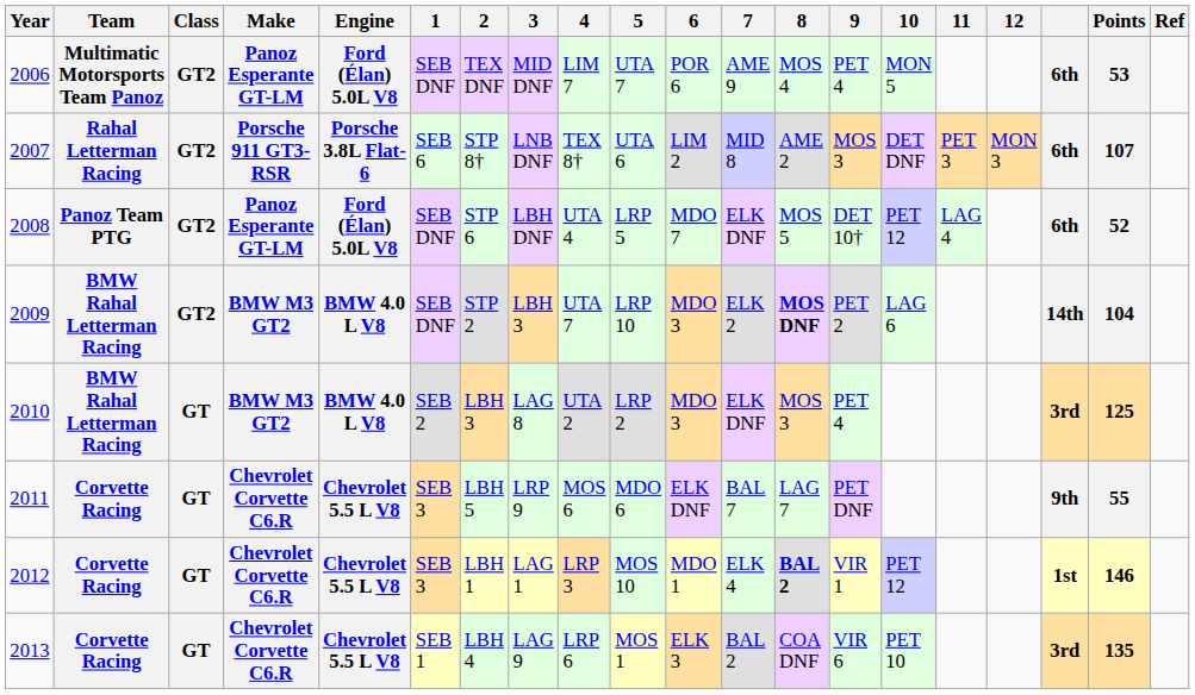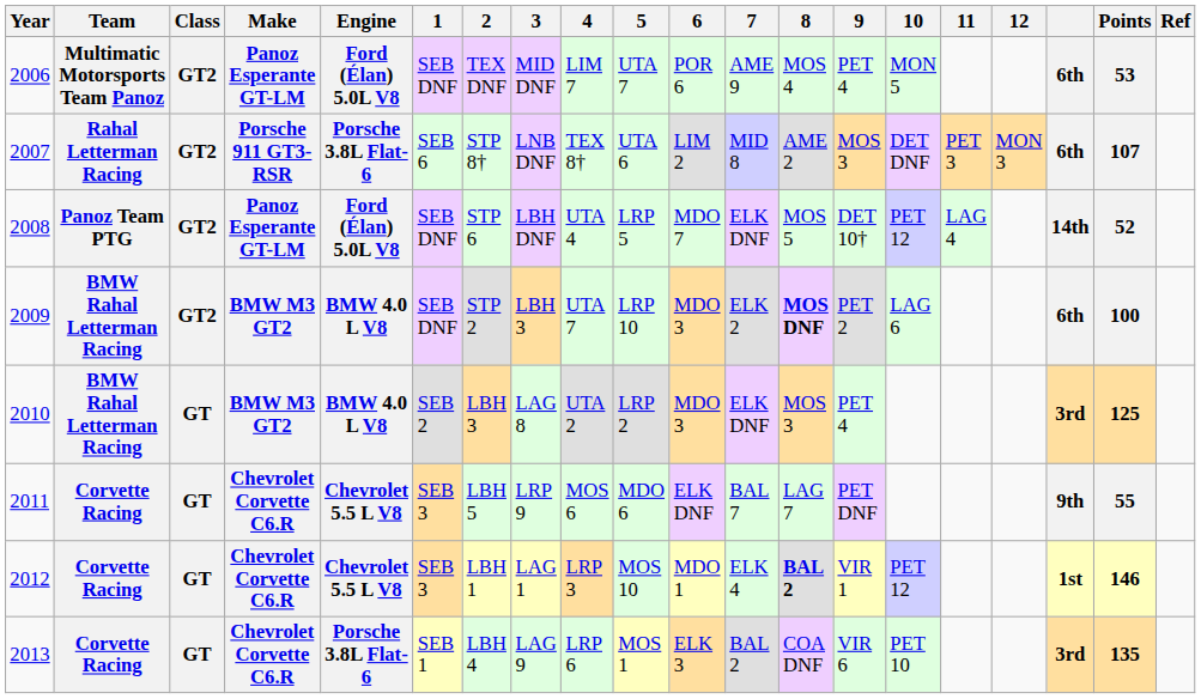 <table class="wikitable">
 <tr>
 <th>Year</th>
 <th>Team</th>
 <th>Class</th>
 <th>Make</th>
 <th>Engine</th>
 <th>1</th>
 <th>2</th>
 <th>3</th>
 <th>4</th>
 <th>5</th>
 <th>6</th>
 <th>7</th>
 <th>8</th>
 <th>9</th>
 <th>10</th>
 <th>11</th>
 <th>12</th>
 <th></th>
 <th>Points</th>
 <th>Ref</th>
 </tr>
 <tr>
 <td><a href='#'>2006</a></td>
 <th>Multimatic Motorsports Team <a href='#'>Panoz</a></th>
 <th>GT2</th>
 <th><a href='#'>Panoz Esperante GT-LM</a></th>
 <th><a href='#'>Ford</a> (<a href='#'>Élan</a>) 5.0L <a href='#'>V8</a></th>
 <td style="background:#EFCFFF;"><a href='#'>SEB</a><br>DNF</td>
 <td style="background:#EFCFFF;"><a href='#'>TEX</a><br>DNF</td>
 <td style="background:#EFCFFF;"><a href='#'>MID</a><br>DNF</td>
 <td style="background:#DFFFDF;"><a href='#'>LIM</a><br>7</td>
 <td style="background:#DFFFDF;"><a href='#'>UTA</a><br>7</td>
 <td style="background:#DFFFDF;"><a href='#'>POR</a><br>6</td>
 <td style="background:#DFFFDF;"><a href='#'>AME</a><br>9</td>
 <td style="background:#DFFFDF;"><a href='#'>MOS</a><br>4</td>
 <td style="background:#DFFFDF;"><a href='#'>PET</a><br>4</td>
 <td style="background:#DFFFDF;"><a href='#'>MON</a><br>5</td>
 <td></td>
 <td></td>
 <th>6th</th>
 <th>53</th>
 <td></td>
 </tr>
 <tr>
 <td><a href='#'>2007</a></td>
 <th><a href='#'>Rahal Letterman Racing</a></th>
 <th>GT2</th>
 <th><a href='#'>Porsche 911 GT3-RSR</a></th>
 <th><a href='#'>Porsche</a> 3.8L <a href='#'>Flat-6</a></th>
 <td style="background:#DFFFDF;"><a href='#'>SEB</a><br>6</td>
 <td style="background:#DFFFDF;"><a href='#'>STP</a><br>8†</td>
 <td style="background:#EFCFFF;"><a href='#'>LNB</a><br>DNF</td>
 <td style="background:#DFFFDF;"><a href='#'>TEX</a><br>8†</td>
 <td style="background:#DFFFDF;"><a href='#'>UTA</a><br>6</td>
 <td style="background:#DFDFDF;”"><a href='#'>LIM</a><br>2</td>
 <td style="background:#CFCFFF;"><a href='#'>MID</a><br>8</td>
 <td style="background:#DFDFDF;”"><a href='#'>AME</a><br>2</td>
 <td style="background:#FFDF9F;”"><a href='#'>MOS</a><br>3</td>
 <td style="background:#EFCFFF;"><a href='#'>DET</a><br>DNF</td>
 <td style="background:#FFDF9F;”"><a href='#'>PET</a><br>3</td>
 <td style="background:#FFDF9F;”"><a href='#'>MON</a><br>3</td>
 <th>6th</th>
 <th>107</th>
 <td></td>
 </tr>
 <tr>
 <td><a href='#'>2008</a></td>
 <th><a href='#'>Panoz</a> Team PTG</th>
 <th>GT2</th>
 <th><a href='#'>Panoz Esperante GT-LM</a></th>
 <th><a href='#'>Ford</a> (<a href='#'>Élan</a>) 5.0L <a href='#'>V8</a></th>
 <td style="background:#EFCFFF;"><a href='#'>SEB</a><br>DNF</td>
 <td style="background:#DFFFDF;"><a href='#'>STP</a><br>6</td>
 <td style="background:#EFCFFF;"><a href='#'>LBH</a><br>DNF</td>
 <td style="background:#DFFFDF;"><a href='#'>UTA</a><br>4</td>
 <td style="background:#DFFFDF;"><a href='#'>LRP</a><br>5</td>
 <td style="background:#DFFFDF;"><a href='#'>MDO</a><br>7</td>
 <td style="background:#EFCFFF;"><a href='#'>ELK</a><br>DNF</td>
 <td style="background:#DFFFDF;"><a href='#'>MOS</a><br>5</td>
 <td style="background:#DFFFDF;"><a href='#'>DET</a><br>10†</td>
 <td style="background:#CFCFFF;”"><a href='#'>PET</a><br>12</td>
 <td style="background:#DFFFDF;"><a href='#'>LAG</a><br>4</td>
 <td></td>
-<th>6th</th>
+<th>14th</th>
 <th>52</th>
 <td></td>
 </tr>
 <tr>
 <td><a href='#'>2009</a></td>
 <th><a href='#'>BMW</a> <a href='#'>Rahal Letterman Racing</a></th>
 <th>GT2</th>
 <th><a href='#'>BMW M3 GT2</a></th>
 <th><a href='#'>BMW</a> 4.0 L <a href='#'>V8</a></th>
 <td style="background:#EFCFFF;"><a href='#'>SEB</a><br>DNF</td>
 <td style="background:#DFDFDF;”"><a href='#'>STP</a><br>2</td>
 <td style="background:#FFDF9F;”"><a href='#'>LBH</a><br>3</td>
 <td style="background:#DFFFDF;"><a href='#'>UTA</a><br>7</td>
 <td style="background:#DFFFDF;"><a href='#'>LRP</a><br>10</td>
 <td style="background:#FFDF9F;”"><a href='#'>MDO</a><br>3</td>
 <td style="background:#DFDFDF;”"><a href='#'>ELK</a><br>2</td>
 <td style="background:#EFCFFF;"><strong><a href='#'>MOS</a><br>DNF</strong></td>
 <td style="background:#DFDFDF;”"><a href='#'>PET</a><br>2</td>
 <td style="background:#DFFFDF;"><a href='#'>LAG</a><br>6</td>
 <td></td>
 <td></td>
-<th>14th</th>
-<th>104</th>
+<th>6th</th>
+<th>100</th>
 <td></td>
 </tr>
 <tr>
 <td><a href='#'>2010</a></td>
 <th><a href='#'>BMW</a> <a href='#'>Rahal Letterman Racing</a></th>
 <th>GT</th>
 <th><a href='#'>BMW M3 GT2</a></th>
 <th><a href='#'>BMW</a> 4.0 L <a href='#'>V8</a></th>
 <td style="background:#DFDFDF;”"><a href='#'>SEB</a><br>2</td>
 <td style="background:#FFDF9F;"><a href='#'>LBH</a><br>3</td>
 <td style="background:#DFFFDF;"><a href='#'>LAG</a><br>8</td>
 <td style="background:#DFDFDF;”"><a href='#'>UTA</a><br>2</td>
 <td style="background:#DFDFDF;”"><a href='#'>LRP</a><br>2</td>
 <td style="background:#FFDF9F;"><a href='#'>MDO</a><br>3</td>
 <td style="background:#EFCFFF;"><a href='#'>ELK</a><br>DNF</td>
 <td style="background:#FFDF9F;"><a href='#'>MOS</a><br>3</td>
 <td style="background:#DFFFDF;"><a href='#'>PET</a><br>4</td>
 <td></td>
 <td></td>
 <td></td>
 <th style="background:#FFDF9F;">3rd</th>
 <th style="background:#FFDF9F;">125</th>
 <td></td>
 </tr>
 <tr>
 <td><a href='#'>2011</a></td>
 <th><a href='#'>Corvette Racing</a></th>
 <th>GT</th>
 <th><a href='#'>Chevrolet Corvette C6.R</a></th>
 <th><a href='#'>Chevrolet</a> 5.5 L <a href='#'>V8</a></th>
 <td style="background:#FFDF9F;"><a href='#'>SEB</a><br>3</td>
 <td style="background:#DFFFDF;"><a href='#'>LBH</a><br>5</td>
 <td style="background:#DFFFDF;"><a href='#'>LRP</a><br>9</td>
 <td style="background:#DFFFDF;"><a href='#'>MOS</a><br>6</td>
 <td style="background:#DFFFDF;"><a href='#'>MDO</a><br>6</td>
 <td style="background:#EFCFFF;"><a href='#'>ELK</a><br>DNF</td>
 <td style="background:#DFFFDF;"><a href='#'>BAL</a><br>7</td>
 <td style="background:#DFFFDF;"><a href='#'>LAG</a><br>7</td>
 <td style="background:#EFCFFF;"><a href='#'>PET</a><br>DNF</td>
 <td></td>
 <td></td>
 <td></td>
 <th>9th</th>
 <th>55</th>
 <td></td>
 </tr>
 <tr>
 <td><a href='#'>2012</a></td>
 <th><a href='#'>Corvette Racing</a></th>
 <th>GT</th>
 <th><a href='#'>Chevrolet Corvette C6.R</a></th>
 <th><a href='#'>Chevrolet</a> 5.5 L <a href='#'>V8</a></th>
 <td style="background:#FFDF9F;"><a href='#'>SEB</a><br>3</td>
 <td style="background:#FFFFBF;”"><a href='#'>LBH</a><br>1</td>
 <td style="background:#FFFFBF;”"><a href='#'>LAG</a><br>1</td>
 <td style="background:#FFDF9F;"><a href='#'>LRP</a><br>3</td>
 <td style="background:#DFFFDF;"><a href='#'>MOS</a><br>10</td>
 <td style="background:#FFFFBF;”"><a href='#'>MDO</a><br>1</td>
 <td style="background:#DFFFDF;"><a href='#'>ELK</a><br>4</td>
 <td style="background:#DFDFDF;”"><strong><a href='#'>BAL</a><br>2</strong></td>
 <td style="background:#FFFFBF;”"><a href='#'>VIR</a><br>1</td>
 <td style="background:#CFCFFF;"><a href='#'>PET</a><br>12</td>
 <td></td>
 <td></td>
 <th style="background:#FFFFBF;”">1st</th>
 <th style="background:#FFFFBF;”">146</th>
 <td></td>
 </tr>
 <tr>
 <td><a href='#'>2013</a></td>
 <th><a href='#'>Corvette Racing</a></th>
 <th>GT</th>
 <th><a href='#'>Chevrolet Corvette C6.R</a></th>
-<th><a href='#'>Chevrolet</a> 5.5 L <a href='#'>V8</a></th>
+<th><a href='#'>Porsche</a> 3.8L <a href='#'>Flat-6</a></th>
 <td style="background:#FFFFBF;”"><a href='#'>SEB</a><br>1</td>
 <td style="background:#DFFFDF;"><a href='#'>LBH</a><br>4</td>
 <td style="background:#DFFFDF;"><a href='#'>LAG</a><br>9</td>
 <td style="background:#DFFFDF;"><a href='#'>LRP</a><br>6</td>
 <td style="background:#FFFFBF;”"><a href='#'>MOS</a><br>1</td>
 <td style="background:#FFDF9F;”"><a href='#'>ELK</a><br>3</td>
 <td style="background:#DFDFDF;”"><a href='#'>BAL</a><br>2</td>
 <td style="background:#EFCFFF;"><a href='#'>COA</a><br>DNF</td>
 <td style="background:#DFFFDF;"><a href='#'>VIR</a><br>6</td>
 <td style="background:#DFFFDF;"><a href='#'>PET</a><br>10</td>
 <td></td>
 <td></td>
 <th style="background:#FFDF9F;”">3rd</th>
 <th style="background:#FFDF9F;”">135</th>
 <td></td>
 </tr>
 </table>
